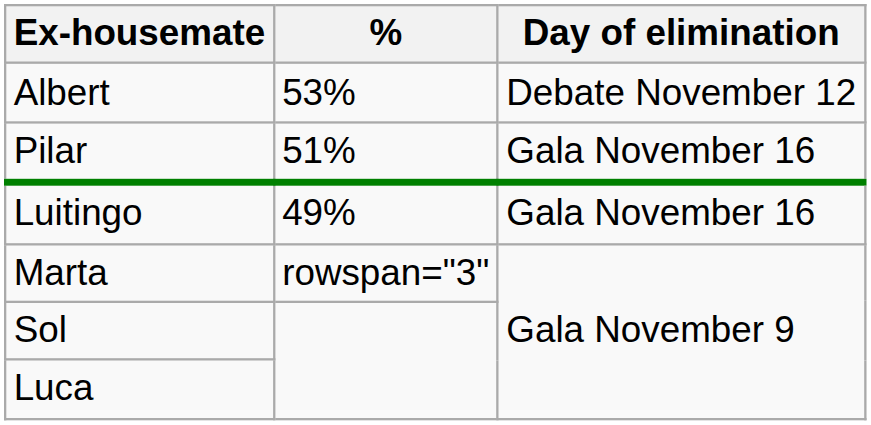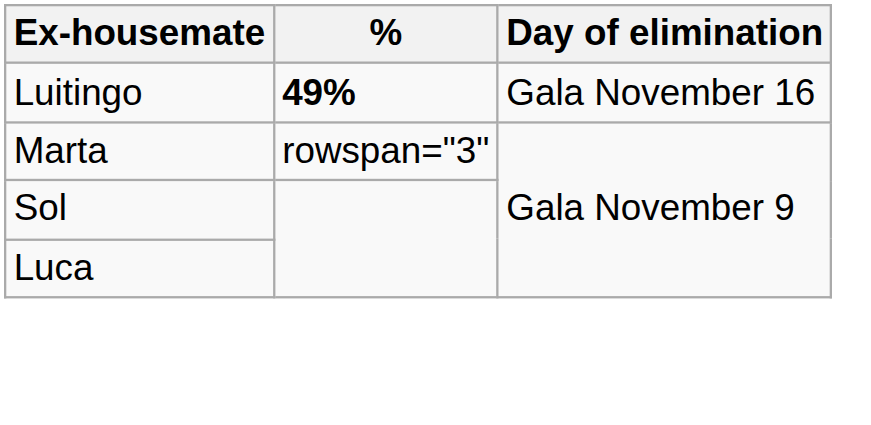 <table class=wikitable>
 <tr>
 <th>Ex-housemate</th>
 <th>%</th>
 <th>Day of elimination</th>
 </tr>
 <tr>
-<td>Albert</td>
-<td>53%</td>
-<td>Debate November 12</td>
-</tr>
-<tr style="border-bottom:3px solid green">
-<td>Pilar</td>
-<td>51%</td>
-<td>Gala November 16</td>
-</tr>
-<tr>
 <td>Luitingo</td>
-<td>49%</td>
+<td><strong>49%</strong></td>
 <td>Gala November 16</td>
 </tr>
 <tr>
 <td>Marta</td>
 <td>rowspan="3" </td>
 <td rowspan="3">Gala November 9</td>
 </tr>
 <tr>
 <td>Sol</td>
 </tr>
 <tr>
 <td>Luca</td>
 </tr>
 </table>
